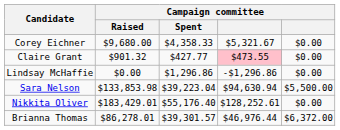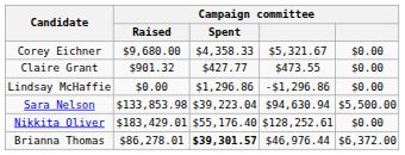 <table class="wikitable sortable" style="font-size:90%;text-align:center;">
 <tr>
 <th rowspan="2">Candidate</th>
 <th colspan="7">Campaign committee</th>
 </tr>
 <tr>
 <th>Raised</th>
 <th>Spent</th>
 <th data-sort-type=currency></th>
 <th></th>
 </tr>
 <tr>
 <td>Corey Eichner</td>
 <td>$9,680.00</td>
 <td>$4,358.33</td>
 <td>$5,321.67</td>
 <td>$0.00</td>
 </tr>
 <tr>
 <td>Claire Grant</td>
 <td>$901.32</td>
 <td>$427.77</td>
-<td style="background: pink;">$473.55</td>
+<td>$473.55</td>
 <td>$0.00</td>
 </tr>
 <tr>
 <td>Lindsay McHaffie</td>
 <td>$0.00</td>
 <td>$1,296.86</td>
 <td>-$1,296.86</td>
 <td>$0.00</td>
 </tr>
 <tr>
 <td><a href='#'>Sara Nelson</a></td>
 <td>$133,853.98</td>
 <td>$39,223.04</td>
 <td>$94,630.94</td>
 <td>$5,500.00</td>
 </tr>
 <tr>
 <td><a href='#'>Nikkita Oliver</a></td>
 <td>$183,429.01</td>
 <td>$55,176.40</td>
 <td>$128,252.61</td>
 <td>$0.00</td>
 </tr>
 <tr>
 <td>Brianna Thomas</td>
 <td>$86,278.01</td>
-<td>$39,301.57</td>
+<td><strong>$39,301.57</strong></td>
 <td>$46,976.44</td>
 <td>$6,372.00</td>
 </tr>
 </table>
